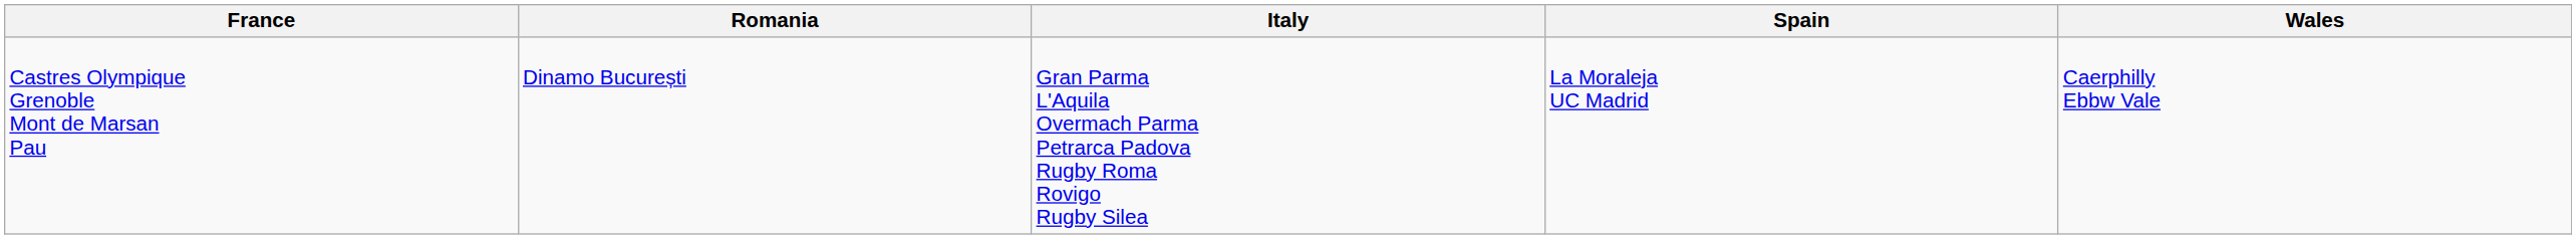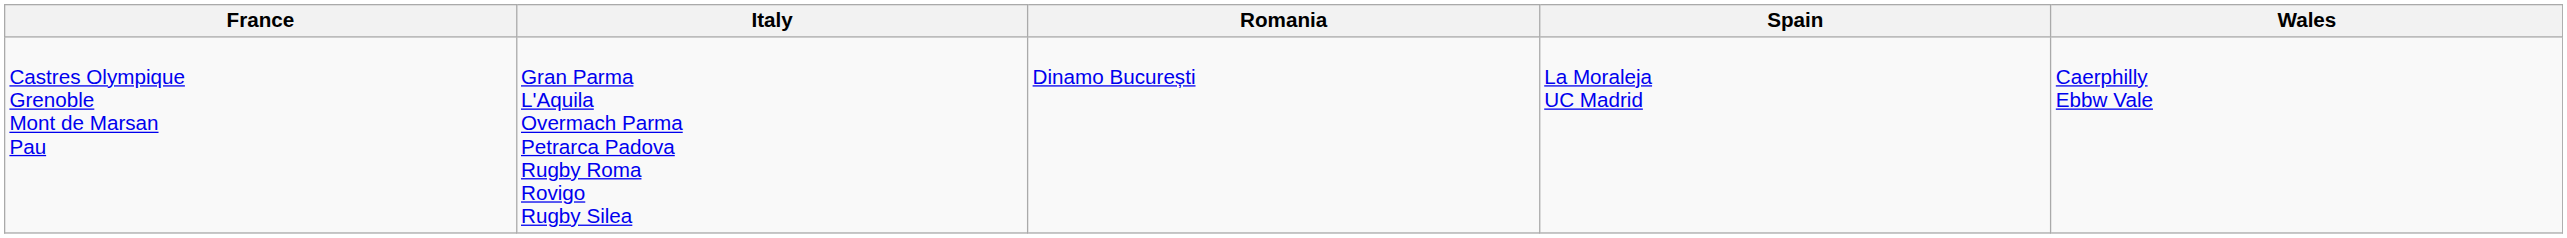 <table class="wikitable" style="width:100%;">
 <tr>
 <th width=20%> France</th>
+<th width=20%> Italy</th>
 <th width=20%> Romania</th>
-<th width=20%> Italy</th>
 <th width=20%> Spain</th>
 <th width=20%> Wales</th>
 </tr>
 <tr valign=top>
 <td><br><a href='#'>Castres Olympique</a><br> <a href='#'>Grenoble</a><br> <a href='#'>Mont de Marsan</a><br> <a href='#'>Pau</a></td>
+<td><br><a href='#'>Gran Parma</a><br> <a href='#'>L'Aquila</a><br> <a href='#'>Overmach Parma</a><br> <a href='#'>Petrarca Padova</a><br> <a href='#'>Rugby Roma</a><br> <a href='#'>Rovigo</a><br> <a href='#'>Rugby Silea</a></td>
 <td><br><a href='#'>Dinamo București</a></td>
-<td><br><a href='#'>Gran Parma</a><br> <a href='#'>L'Aquila</a><br> <a href='#'>Overmach Parma</a><br> <a href='#'>Petrarca Padova</a><br> <a href='#'>Rugby Roma</a><br> <a href='#'>Rovigo</a><br> <a href='#'>Rugby Silea</a></td>
 <td><br><a href='#'>La Moraleja</a><br> <a href='#'>UC Madrid</a></td>
 <td><br><a href='#'>Caerphilly</a><br> <a href='#'>Ebbw Vale</a></td>
 </tr>
 </table>
